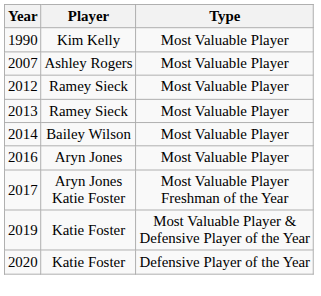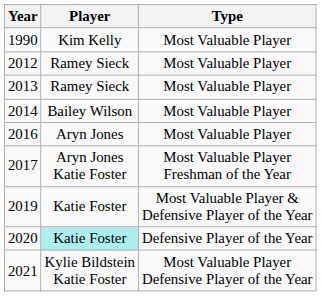 <table class="wikitable" style="text-align: center">
 <tr align=center>
 <th>Year</th>
 <th>Player</th>
 <th>Type</th>
 </tr>
 <tr>
 <td>1990</td>
 <td>Kim Kelly</td>
-<td>Most Valuable Player</td>
-</tr>
-<tr>
-<td>2007</td>
-<td>Ashley Rogers</td>
 <td>Most Valuable Player</td>
 </tr>
 <tr>
 <td>2012</td>
 <td>Ramey Sieck</td>
 <td>Most Valuable Player</td>
 </tr>
 <tr>
 <td>2013</td>
 <td>Ramey Sieck</td>
 <td>Most Valuable Player</td>
 </tr>
 <tr>
 <td>2014</td>
 <td>Bailey Wilson</td>
 <td>Most Valuable Player</td>
 </tr>
 <tr>
 <td>2016</td>
 <td>Aryn Jones</td>
 <td>Most Valuable Player</td>
 </tr>
 <tr>
 <td>2017</td>
 <td>Aryn Jones<br>Katie Foster</td>
 <td>Most Valuable Player<br>Freshman of the Year</td>
 </tr>
 <tr>
 <td>2019</td>
 <td>Katie Foster</td>
 <td>Most Valuable Player &<br>Defensive Player of the Year</td>
 </tr>
 <tr>
 <td>2020</td>
-<td>Katie Foster</td>
+<td style="background: paleturquoise;">Katie Foster</td>
 <td>Defensive Player of the Year</td>
 </tr>
+<tr>
+<td>2021</td>
+<td>Kylie Bildstein<br>Katie Foster</td>
+<td>Most Valuable Player<br>Defensive Player of the Year</td>
+</tr>
 </table>
